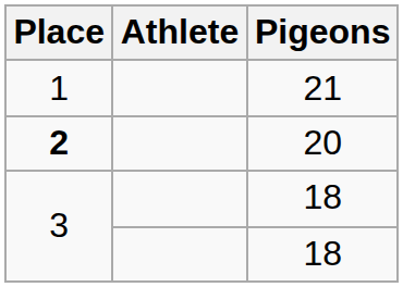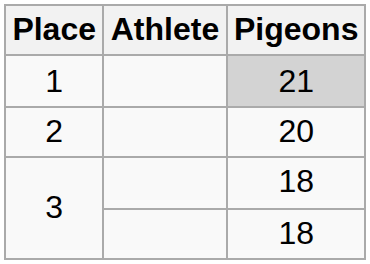 <table class="wikitable">
 <tr>
 <th>Place</th>
 <th>Athlete</th>
 <th>Pigeons</th>
 </tr>
 <tr>
 <td align=center>1</td>
 <td></td>
-<td align=center>21</td>
+<td align=center style="background: lightgrey;">21</td>
 </tr>
 <tr>
-<td align=center><strong>2</strong></td>
+<td align=center>2</td>
 <td></td>
 <td align=center>20</td>
 </tr>
 <tr>
 <td align=center rowspan=2>3</td>
 <td></td>
 <td align=center>18</td>
 </tr>
 <tr>
 <td></td>
 <td align=center>18</td>
 </tr>
 </table>
